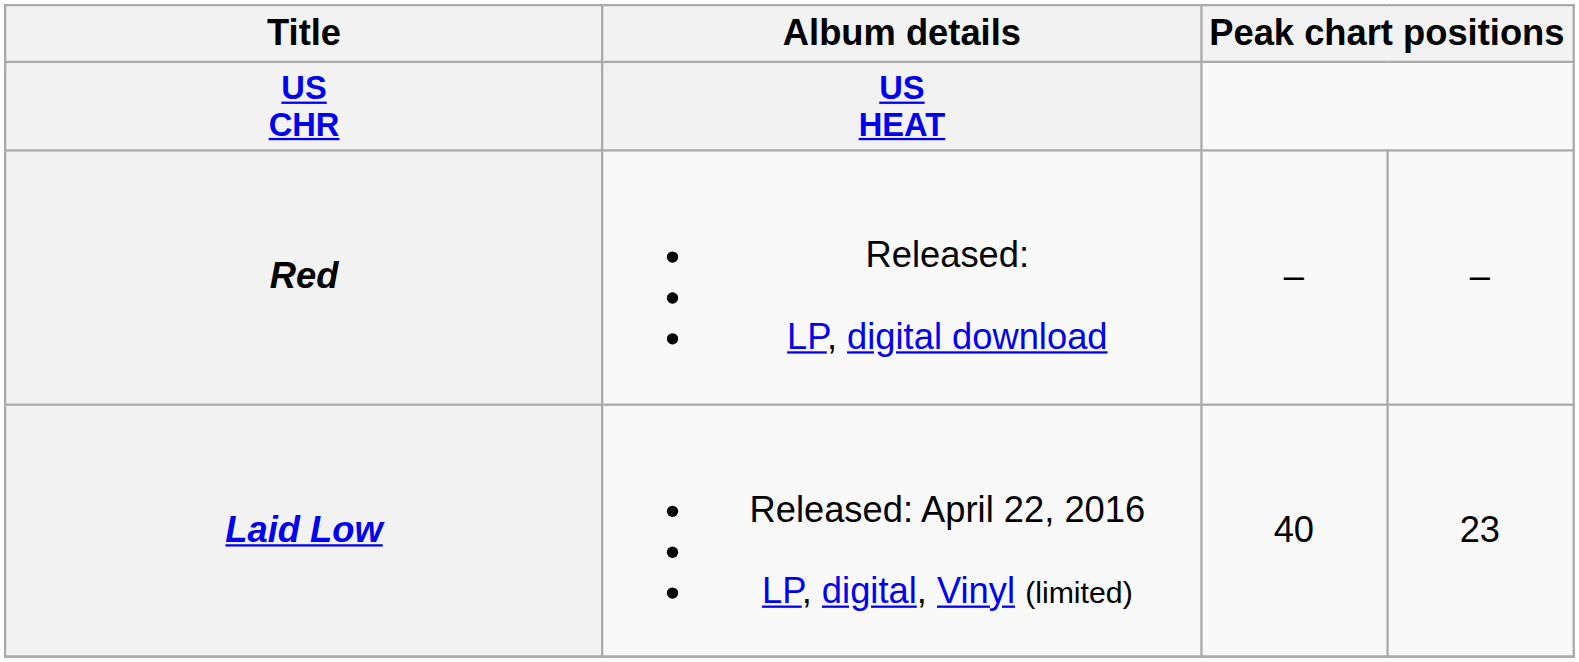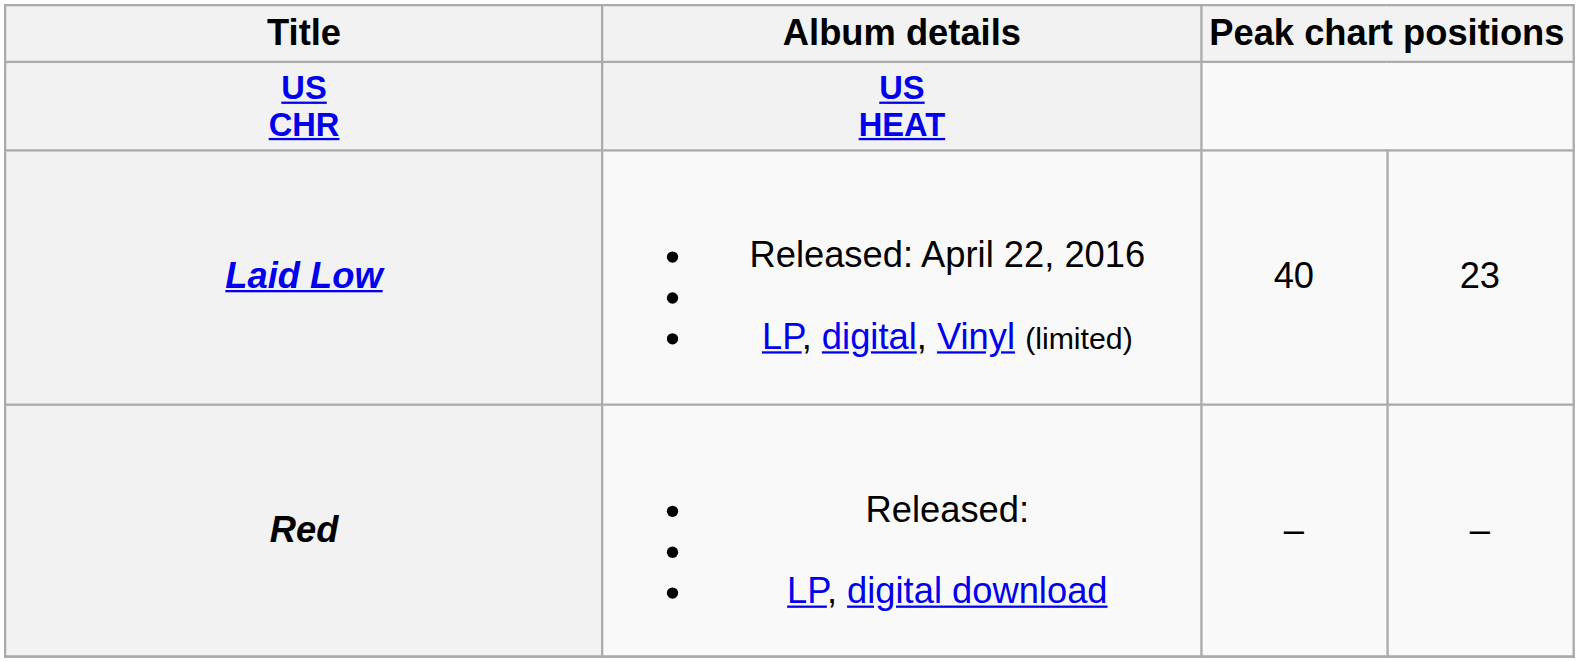 <table class="wikitable plainrowheaders" style="text-align:center;">
 <tr>
 <th scope="col" rowspan="2" style="width:16em;">Title</th>
 <th scope="col" rowspan="2" style="width:16em;">Album details</th>
 <th scope="col" colspan="2">Peak chart positions</th>
 </tr>
 <tr>
 </tr>
 <tr>
 <th style="width:3em; font-size:90%"><a href='#'>US<br>CHR</a></th>
 <th style="width:3em; font-size:90%"><a href='#'>US<br>HEAT</a></th>
 </tr>
 <tr>
+<th scope="row"><em><a href='#'>Laid Low</a></em></th>
+<td><br><ul><li>Released: April 22, 2016</li><li></li><li><a href='#'>LP</a>, <a href='#'>digital</a>, <a href='#'>Vinyl</a> <small>(limited)</small></li></ul></td>
+<td>40</td>
+<td>23</td>
+</tr>
+<tr>
 <th scope="row"><em>Red</em></th>
 <td><br><ul><li>Released: </li><li></li><li><a href='#'>LP</a>, <a href='#'>digital download</a></li></ul></td>
 <td>–</td>
 <td>–</td>
 </tr>
 <tr>
-<th scope="row"><em><a href='#'>Laid Low</a></em></th>
-<td><br><ul><li>Released: April 22, 2016</li><li></li><li><a href='#'>LP</a>, <a href='#'>digital</a>, <a href='#'>Vinyl</a> <small>(limited)</small></li></ul></td>
-<td>40</td>
-<td>23</td>
-</tr>
-<tr>
 </tr>
 </table>
